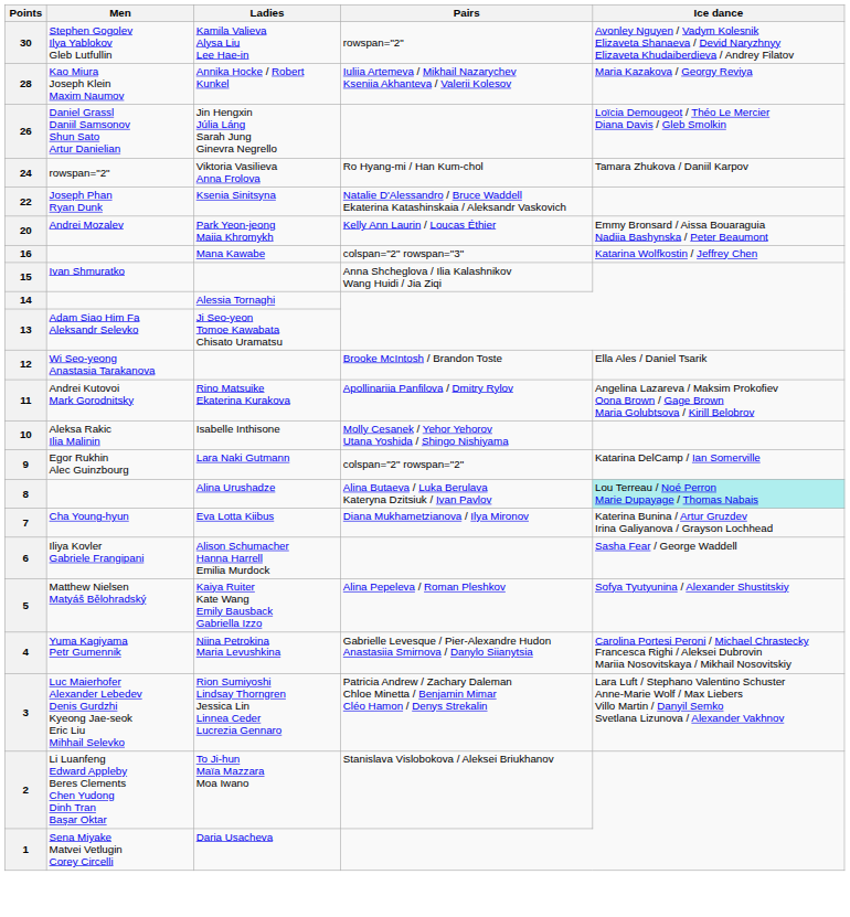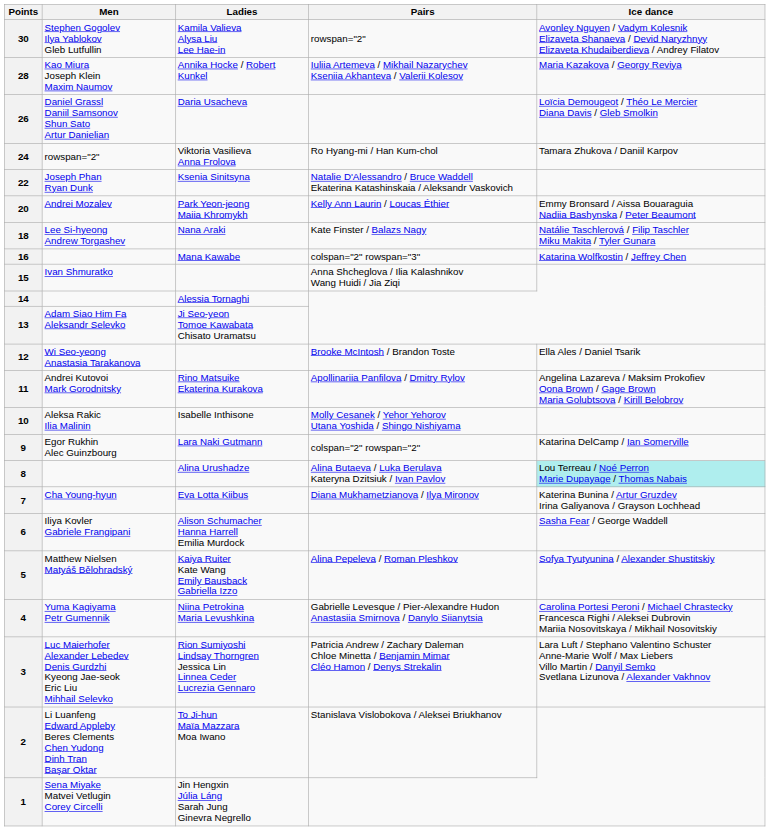 <table class="wikitable">
 <tr>
 <th scope="col" style="width:5%">Points</th>
 <th scope="col" style="width:17.5%">Men</th>
 <th scope="col" style="width:17.5%">Ladies</th>
 <th scope="col" style="width:30%">Pairs</th>
 <th scope="col" style="width:30%">Ice dance</th>
 </tr>
 <tr>
 <th scope="row">30</th>
 <td valign="top"> <a href='#'>Stephen Gogolev</a><br> <a href='#'>Ilya Yablokov</a><br> Gleb Lutfullin</td>
 <td valign="top"> <a href='#'>Kamila Valieva</a><br> <a href='#'>Alysa Liu</a><br> <a href='#'>Lee Hae-in</a></td>
 <td>rowspan="2" </td>
 <td valign="top"> <a href='#'>Avonley Nguyen</a> / <a href='#'>Vadym Kolesnik</a><br> <a href='#'>Elizaveta Shanaeva</a> / <a href='#'>Devid Naryzhnyy</a><br> <a href='#'>Elizaveta Khudaiberdieva</a> / Andrey Filatov</td>
 </tr>
 <tr>
 <th scope="row">28</th>
 <td valign="top"> <a href='#'>Kao Miura</a><br> Joseph Klein<br> <a href='#'>Maxim Naumov</a></td>
 <td valign="top"> <a href='#'>Annika Hocke</a> / <a href='#'>Robert Kunkel</a></td>
 <td valign="top"> <a href='#'>Iuliia Artemeva</a> / <a href='#'>Mikhail Nazarychev</a><br> <a href='#'>Kseniia Akhanteva</a> / <a href='#'>Valerii Kolesov</a></td>
 <td valign="top"> <a href='#'>Maria Kazakova</a> / <a href='#'>Georgy Reviya</a></td>
 </tr>
 <tr>
 <th scope="row">26</th>
 <td valign="top"> <a href='#'>Daniel Grassl</a><br> <a href='#'>Daniil Samsonov</a><br> <a href='#'>Shun Sato</a><br> <a href='#'>Artur Danielian</a></td>
-<td valign="top"> Jin Hengxin<br> <a href='#'>Júlia Láng</a><br> Sarah Jung<br> Ginevra Negrello</td>
+<td valign="top"> <a href='#'>Daria Usacheva</a></td>
 <td></td>
 <td valign="top"> <a href='#'>Loïcia Demougeot</a> / <a href='#'>Théo Le Mercier</a><br> <a href='#'>Diana Davis</a> / <a href='#'>Gleb Smolkin</a></td>
 </tr>
 <tr>
 <th scope="row">24</th>
 <td>rowspan="2" </td>
 <td valign="top"> Viktoria Vasilieva <br>  <a href='#'>Anna Frolova</a></td>
 <td valign="top"> Ro Hyang-mi / Han Kum-chol</td>
 <td valign="top"> Tamara Zhukova / Daniil Karpov</td>
 </tr>
 <tr>
 <th scope="row">22</th>
 <td valign="top"> <a href='#'>Joseph Phan</a><br> <a href='#'>Ryan Dunk</a></td>
 <td valign="top"> <a href='#'>Ksenia Sinitsyna</a></td>
 <td valign="top"> <a href='#'>Natalie D'Alessandro</a> / <a href='#'>Bruce Waddell</a><br> Ekaterina Katashinskaia / Aleksandr Vaskovich</td>
 </tr>
 <tr>
 <th scope="row">20</th>
 <td valign="top"> <a href='#'>Andrei Mozalev</a></td>
 <td valign="top"> <a href='#'>Park Yeon-jeong</a><br> <a href='#'>Maiia Khromykh</a></td>
 <td valign="top"> <a href='#'>Kelly Ann Laurin</a> / <a href='#'>Loucas Éthier</a></td>
 <td valign="top"> Emmy Bronsard / Aissa Bouaraguia<br> <a href='#'>Nadiia Bashynska</a> / <a href='#'>Peter Beaumont</a></td>
+</tr>
+<tr>
+<th scope="row">18</th>
+<td valign="top"> <a href='#'>Lee Si-hyeong</a><br> <a href='#'>Andrew Torgashev</a></td>
+<td valign="top"> <a href='#'>Nana Araki</a></td>
+<td valign="top"> Kate Finster / <a href='#'>Balazs Nagy</a></td>
+<td valign="top"> <a href='#'>Natálie Taschlerová</a> / <a href='#'>Filip Taschler</a><br> <a href='#'>Miku Makita</a> / <a href='#'>Tyler Gunara</a></td>
 </tr>
 <tr>
 <th scope="row">16</th>
 <td></td>
 <td valign="top"> <a href='#'>Mana Kawabe</a></td>
 <td>colspan="2" rowspan="3" </td>
 <td valign="top"> <a href='#'>Katarina Wolfkostin</a> / <a href='#'>Jeffrey Chen</a></td>
 </tr>
 <tr>
 <th scope="row">15</th>
 <td valign="top"> <a href='#'>Ivan Shmuratko</a></td>
 <td></td>
 <td valign="top"> Anna Shcheglova / Ilia Kalashnikov<br> Wang Huidi / Jia Ziqi</td>
 </tr>
 <tr>
 <th scope="row">14</th>
 <td></td>
 <td valign="top"> <a href='#'>Alessia Tornaghi</a></td>
 </tr>
 <tr>
 <th scope="row">13</th>
 <td valign="top"> <a href='#'>Adam Siao Him Fa</a><br> <a href='#'>Aleksandr Selevko</a></td>
 <td valign="top"> <a href='#'>Ji Seo-yeon</a><br> <a href='#'>Tomoe Kawabata</a><br> Chisato Uramatsu</td>
 </tr>
 <tr>
 <th scope="row">12</th>
 <td valign="top"> <a href='#'>Wi Seo-yeong</a><br> <a href='#'>Anastasia Tarakanova</a></td>
 <td></td>
 <td valign="top"> <a href='#'>Brooke McIntosh</a> / Brandon Toste</td>
 <td valign="top"> Ella Ales / Daniel Tsarik</td>
 </tr>
 <tr>
 <th scope="row">11</th>
 <td valign="top"> Andrei Kutovoi<br> <a href='#'>Mark Gorodnitsky</a></td>
 <td valign="top"> <a href='#'>Rino Matsuike</a><br> <a href='#'>Ekaterina Kurakova</a></td>
 <td valign="top"> <a href='#'>Apollinariia Panfilova</a> / <a href='#'>Dmitry Rylov</a></td>
 <td valign="top"> Angelina Lazareva / Maksim Prokofiev<br> <a href='#'>Oona Brown</a> / <a href='#'>Gage Brown</a><br> <a href='#'>Maria Golubtsova</a> / <a href='#'>Kirill Belobrov</a></td>
 </tr>
 <tr>
 <th scope="row">10</th>
 <td valign="top"> Aleksa Rakic<br> <a href='#'>Ilia Malinin</a></td>
 <td valign="top"> Isabelle Inthisone</td>
 <td valign="top"> <a href='#'>Molly Cesanek</a> / <a href='#'>Yehor Yehorov</a><br> <a href='#'>Utana Yoshida</a> / <a href='#'>Shingo Nishiyama</a></td>
 </tr>
 <tr>
 <th scope="row">9</th>
 <td valign="top"> Egor Rukhin<br> Alec Guinzbourg</td>
 <td valign="top"> <a href='#'>Lara Naki Gutmann</a></td>
 <td>colspan="2" rowspan="2" </td>
 <td valign="top"> Katarina DelCamp / <a href='#'>Ian Somerville</a></td>
 </tr>
 <tr>
 <th scope="row">8</th>
 <td></td>
 <td valign="top"> <a href='#'>Alina Urushadze</a></td>
 <td valign="top"> <a href='#'>Alina Butaeva</a> / <a href='#'>Luka Berulava</a><br> Kateryna Dzitsiuk / <a href='#'>Ivan Pavlov</a></td>
 <td valign="top" style="background: paleturquoise;"> Lou Terreau / <a href='#'>Noé Perron</a><br> <a href='#'>Marie Dupayage</a> / <a href='#'>Thomas Nabais</a></td>
 </tr>
 <tr>
 <th scope="row">7</th>
 <td valign="top"> <a href='#'>Cha Young-hyun</a></td>
 <td valign="top"> <a href='#'>Eva Lotta Kiibus</a></td>
 <td valign="top"> <a href='#'>Diana Mukhametzianova</a> / <a href='#'>Ilya Mironov</a></td>
 <td valign="top"> Katerina Bunina / <a href='#'>Artur Gruzdev</a><br> Irina Galiyanova / Grayson Lochhead</td>
 </tr>
 <tr>
 <th scope="row">6</th>
 <td valign="top"> Iliya Kovler<br> <a href='#'>Gabriele Frangipani</a></td>
 <td valign="top"> <a href='#'>Alison Schumacher</a><br> <a href='#'>Hanna Harrell</a><br> Emilia Murdock</td>
 <td></td>
 <td valign="top"> <a href='#'>Sasha Fear</a> / George Waddell</td>
 </tr>
 <tr>
 <th scope="row">5</th>
 <td valign="top"> Matthew Nielsen<br> <a href='#'>Matyáš Bělohradský</a></td>
 <td valign="top"> <a href='#'>Kaiya Ruiter</a><br> Kate Wang<br> <a href='#'>Emily Bausback</a><br> <a href='#'>Gabriella Izzo</a></td>
 <td valign="top"> <a href='#'>Alina Pepeleva</a> / <a href='#'>Roman Pleshkov</a></td>
 <td valign="top"> <a href='#'>Sofya Tyutyunina</a> / <a href='#'>Alexander Shustitskiy</a></td>
 </tr>
 <tr>
 <th scope="row">4</th>
 <td valign="top"> <a href='#'>Yuma Kagiyama</a><br> <a href='#'>Petr Gumennik</a></td>
 <td valign="top"> <a href='#'>Niina Petrokina</a><br> <a href='#'>Maria Levushkina</a></td>
 <td valign="top"> Gabrielle Levesque / Pier-Alexandre Hudon<br> <a href='#'>Anastasiia Smirnova</a> / <a href='#'>Danylo Siianytsia</a></td>
 <td valign="top"> <a href='#'>Carolina Portesi Peroni</a> / <a href='#'>Michael Chrastecky</a><br> Francesca Righi / Aleksei Dubrovin<br> Mariia Nosovitskaya / Mikhail Nosovitskiy</td>
 </tr>
 <tr>
 <th scope="row">3</th>
 <td valign="top"> <a href='#'>Luc Maierhofer</a><br> <a href='#'>Alexander Lebedev</a><br> <a href='#'>Denis Gurdzhi</a><br> Kyeong Jae-seok<br> Eric Liu<br> <a href='#'>Mihhail Selevko</a></td>
 <td valign="top"> <a href='#'>Rion Sumiyoshi</a><br> <a href='#'>Lindsay Thorngren</a><br> Jessica Lin<br> <a href='#'>Linnea Ceder</a><br> <a href='#'>Lucrezia Gennaro</a></td>
 <td valign="top"> Patricia Andrew / Zachary Daleman<br> Chloe Minetta / <a href='#'>Benjamin Mimar</a><br> <a href='#'>Cléo Hamon</a> / <a href='#'>Denys Strekalin</a></td>
 <td valign="top"> Lara Luft / Stephano Valentino Schuster<br> Anne-Marie Wolf / Max Liebers<br> Villo Martin / <a href='#'>Danyil Semko</a><br> Svetlana Lizunova / <a href='#'>Alexander Vakhnov</a></td>
 </tr>
 <tr>
 <th scope="row">2</th>
 <td valign="top"> Li Luanfeng<br> <a href='#'>Edward Appleby</a><br> Beres Clements<br> <a href='#'>Chen Yudong</a><br> <a href='#'>Dinh Tran</a><br> <a href='#'>Başar Oktar</a></td>
 <td valign="top"> <a href='#'>To Ji-hun</a><br> <a href='#'>Maïa Mazzara</a><br> Moa Iwano</td>
 <td valign="top"> Stanislava Vislobokova / Aleksei Briukhanov</td>
 </tr>
 <tr>
 <th scope="row">1</th>
 <td valign="top"> <a href='#'>Sena Miyake</a><br> Matvei Vetlugin<br> <a href='#'>Corey Circelli</a></td>
-<td valign="top"> <a href='#'>Daria Usacheva</a></td>
+<td valign="top"> Jin Hengxin<br> <a href='#'>Júlia Láng</a><br> Sarah Jung<br> Ginevra Negrello</td>
 </tr>
 </table>
